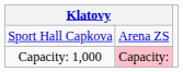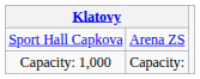 <table class="wikitable" style="text-align:center;">
 <tr>
 <th colspan=2><a href='#'>Klatovy</a></th>
 <td rowspan="4"><br></td>
 </tr>
 <tr>
 <td><a href='#'>Sport Hall Capkova</a></td>
 <td><a href='#'>Arena ZS</a></td>
 </tr>
 <tr>
 <td>Capacity: 1,000</td>
-<td style="background: pink;">Capacity:</td>
+<td>Capacity:</td>
 </tr>
 </table>
